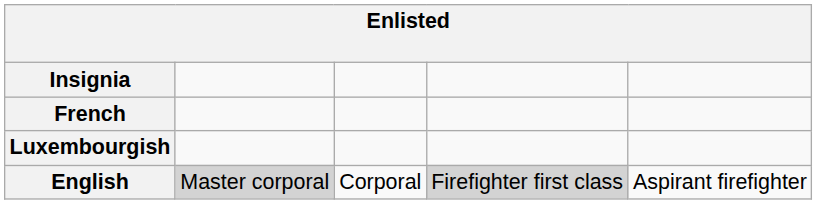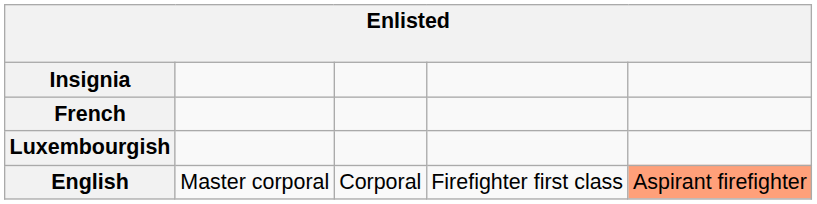 <table class="wikitable">
 <tr>
 <th colspan="9">Enlisted<br><br></th>
 </tr>
 <tr style="text-align:center;">
 <th>Insignia</th>
 <td></td>
 <td></td>
 <td></td>
 <td></td>
 </tr>
 <tr style="text-align:center;">
 <th>French</th>
 <td></td>
 <td></td>
 <td></td>
 <td></td>
 </tr>
 <tr style="text-align:center;">
 <th>Luxembourgish</th>
 <td></td>
 <td></td>
 <td></td>
 <td></td>
 </tr>
 <tr style="text-align:center;">
 <th>English</th>
-<td style="background: lightgrey;">Master corporal</td>
+<td>Master corporal</td>
 <td>Corporal</td>
-<td style="background: lightgrey;">Firefighter first class</td>
-<td>Aspirant firefighter</td>
+<td>Firefighter first class</td>
+<td style="background: lightsalmon;">Aspirant firefighter</td>
 </tr>
 </table>
